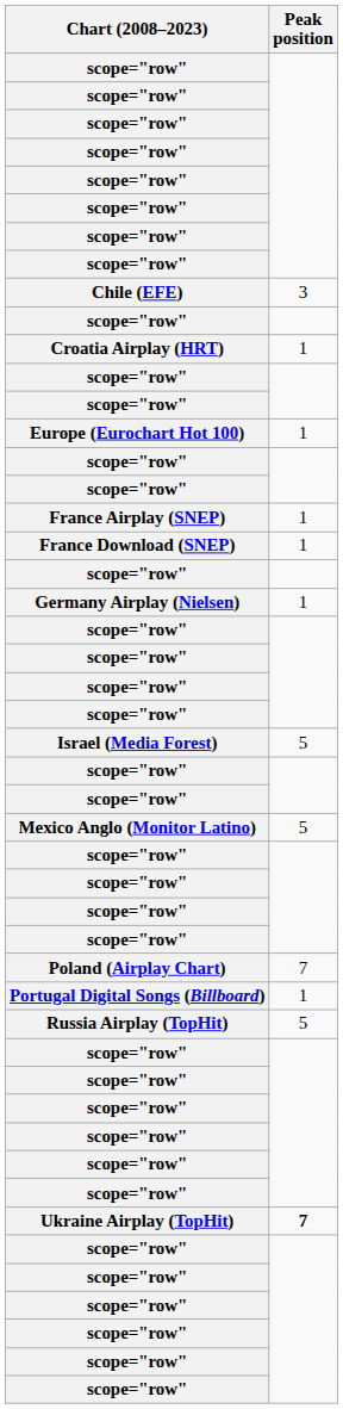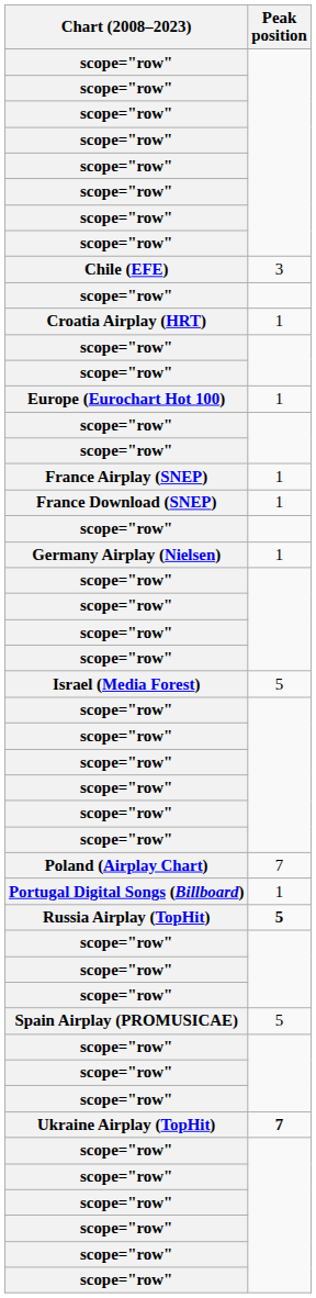 <table class="wikitable plainrowheaders sortable" style="text-align:center">
 <tr>
 <th scope="col">Chart (2008–2023)</th>
 <th scope="col">Peak<br>position</th>
 </tr>
 <tr>
 <th>scope="row" </th>
 </tr>
 <tr>
 <th>scope="row" </th>
 </tr>
 <tr>
 <th>scope="row" </th>
 </tr>
 <tr>
 <th>scope="row" </th>
 </tr>
 <tr>
 <th>scope="row" </th>
 </tr>
 <tr>
 <th>scope="row" </th>
 </tr>
 <tr>
 <th>scope="row" </th>
 </tr>
 <tr>
 <th>scope="row" </th>
 </tr>
 <tr>
 <th scope="row">Chile (<a href='#'>EFE</a>)</th>
 <td style="text-align:center;">3</td>
 </tr>
 <tr>
 <th>scope="row" </th>
 </tr>
 <tr>
 <th scope="row">Croatia Airplay (<a href='#'>HRT</a>)</th>
 <td>1</td>
 </tr>
 <tr>
 <th>scope="row" </th>
 </tr>
 <tr>
 <th>scope="row" </th>
 </tr>
 <tr>
 <th scope="row">Europe (<a href='#'>Eurochart Hot 100</a>)</th>
 <td>1</td>
 </tr>
 <tr>
 <th>scope="row" </th>
 </tr>
 <tr>
 <th>scope="row" </th>
 </tr>
 <tr>
 <th scope="row">France Airplay (<a href='#'>SNEP</a>)</th>
 <td style="text-align:center;">1</td>
 </tr>
 <tr>
 <th scope="row">France Download (<a href='#'>SNEP</a>)</th>
 <td style="text-align:center;">1</td>
 </tr>
 <tr>
 <th>scope="row" </th>
 </tr>
 <tr>
 <th scope="row">Germany Airplay (<a href='#'>Nielsen</a>)</th>
 <td style="text-align:center;">1</td>
 </tr>
 <tr>
 <th>scope="row" </th>
 </tr>
 <tr>
 <th>scope="row" </th>
 </tr>
 <tr>
 <th>scope="row" </th>
 </tr>
 <tr>
 <th>scope="row" </th>
 </tr>
 <tr>
 <th scope="row">Israel (<a href='#'>Media Forest</a>)</th>
 <td style="text-align:center;">5</td>
 </tr>
 <tr>
 <th>scope="row" </th>
 </tr>
 <tr>
 <th>scope="row" </th>
 </tr>
 <tr>
-<th scope="row">Mexico Anglo (<a href='#'>Monitor Latino</a>)</th>
-<td>5</td>
-</tr>
-<tr>
 <th>scope="row" </th>
 </tr>
 <tr>
 <th>scope="row" </th>
 </tr>
 <tr>
 <th>scope="row" </th>
 </tr>
 <tr>
 <th>scope="row" </th>
 </tr>
 <tr>
 <th scope="row">Poland (<a href='#'>Airplay Chart</a>)</th>
 <td style="text-align:center;">7</td>
 </tr>
 <tr>
 <th scope="row"><a href='#'>Portugal Digital Songs</a> (<em><a href='#'>Billboard</a></em>)</th>
 <td style="text-align:center;">1</td>
 </tr>
 <tr>
 <th scope="row">Russia Airplay (<a href='#'>TopHit</a>)</th>
-<td>5</td>
+<td><strong>5</strong></td>
 </tr>
 <tr>
 <th>scope="row" </th>
 </tr>
 <tr>
 <th>scope="row" </th>
 </tr>
 <tr>
 <th>scope="row" </th>
+</tr>
+<tr>
+<th scope="row">Spain Airplay (PROMUSICAE)</th>
+<td style="text-align:center;">5</td>
 </tr>
 <tr>
 <th>scope="row" </th>
 </tr>
 <tr>
 <th>scope="row" </th>
 </tr>
 <tr>
 <th>scope="row" </th>
 </tr>
 <tr>
 <th scope="row">Ukraine Airplay (<a href='#'>TopHit</a>)</th>
 <td><strong>7</strong></td>
 </tr>
 <tr>
 <th>scope="row" </th>
 </tr>
 <tr>
 <th>scope="row" </th>
 </tr>
 <tr>
 <th>scope="row" </th>
 </tr>
 <tr>
 <th>scope="row" </th>
 </tr>
 <tr>
 <th>scope="row" </th>
 </tr>
 <tr>
 <th>scope="row" </th>
 </tr>
 </table>
